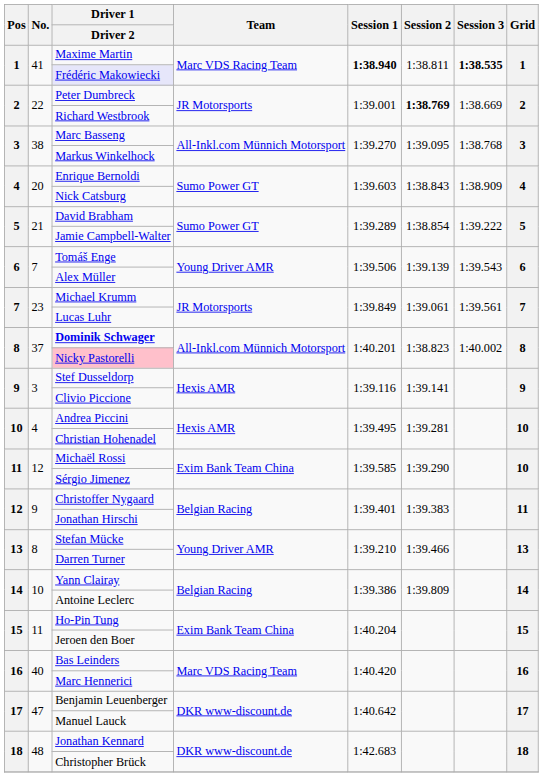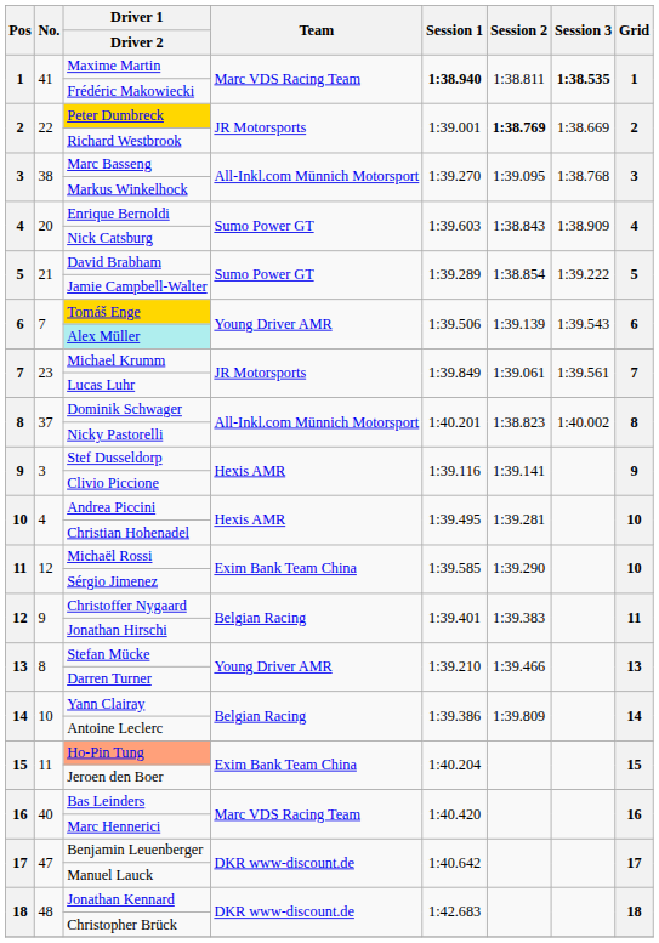 <table class="wikitable" style="font-size: 90%;">
 <tr>
 <th rowspan=2>Pos</th>
 <th rowspan=2>No.</th>
 <th>Driver 1</th>
 <th rowspan=2>Team</th>
 <th rowspan=2>Session 1</th>
 <th rowspan=2>Session 2</th>
 <th rowspan=2>Session 3</th>
 <th rowspan=2>Grid</th>
 </tr>
 <tr>
 <th>Driver 2</th>
 </tr>
 <tr>
 <th rowspan=2>1</th>
 <td rowspan=2>41</td>
 <td> <a href='#'>Maxime Martin</a></td>
 <td rowspan=2> <a href='#'>Marc VDS Racing Team</a></td>
 <td rowspan=2 align="center"><strong>1:38.940</strong></td>
 <td rowspan=2 align="center">1:38.811</td>
 <td rowspan=2 align="center"><strong>1:38.535</strong></td>
 <th rowspan=2>1</th>
 </tr>
 <tr>
-<td style="background: lavender;"> <a href='#'>Frédéric Makowiecki</a></td>
+<td> <a href='#'>Frédéric Makowiecki</a></td>
 </tr>
 <tr>
 <th rowspan=2>2</th>
 <td rowspan=2>22</td>
-<td> <a href='#'>Peter Dumbreck</a></td>
+<td style="background: gold;"> <a href='#'>Peter Dumbreck</a></td>
 <td rowspan=2> <a href='#'>JR Motorsports</a></td>
 <td rowspan=2 align="center">1:39.001</td>
 <td rowspan=2 align="center"><strong>1:38.769</strong></td>
 <td rowspan=2 align="center">1:38.669</td>
 <th rowspan=2>2</th>
 </tr>
 <tr>
 <td> <a href='#'>Richard Westbrook</a></td>
 </tr>
 <tr>
 <th rowspan=2>3</th>
 <td rowspan=2>38</td>
 <td> <a href='#'>Marc Basseng</a></td>
 <td rowspan=2> <a href='#'>All-Inkl.com Münnich Motorsport</a></td>
 <td rowspan=2 align="center">1:39.270</td>
 <td rowspan=2 align="center">1:39.095</td>
 <td rowspan=2 align="center">1:38.768</td>
 <th rowspan=2>3</th>
 </tr>
 <tr>
 <td> <a href='#'>Markus Winkelhock</a></td>
 </tr>
 <tr>
 <th rowspan=2>4</th>
 <td rowspan=2>20</td>
 <td> <a href='#'>Enrique Bernoldi</a></td>
 <td rowspan=2> <a href='#'>Sumo Power GT</a></td>
 <td rowspan=2 align="center">1:39.603</td>
 <td rowspan=2 align="center">1:38.843</td>
 <td rowspan=2 align="center">1:38.909</td>
 <th rowspan=2>4</th>
 </tr>
 <tr>
 <td> <a href='#'>Nick Catsburg</a></td>
 </tr>
 <tr>
 <th rowspan=2>5</th>
 <td rowspan=2>21</td>
 <td> <a href='#'>David Brabham</a></td>
 <td rowspan=2> <a href='#'>Sumo Power GT</a></td>
 <td rowspan=2 align="center">1:39.289</td>
 <td rowspan=2 align="center">1:38.854</td>
 <td rowspan=2 align="center">1:39.222</td>
 <th rowspan=2>5</th>
 </tr>
 <tr>
 <td> <a href='#'>Jamie Campbell-Walter</a></td>
 </tr>
 <tr>
 <th rowspan=2>6</th>
 <td rowspan=2>7</td>
-<td> <a href='#'>Tomáš Enge</a></td>
+<td style="background: gold;"> <a href='#'>Tomáš Enge</a></td>
 <td rowspan=2> <a href='#'>Young Driver AMR</a></td>
 <td rowspan=2 align="center">1:39.506</td>
 <td rowspan=2 align="center">1:39.139</td>
 <td rowspan=2 align="center">1:39.543</td>
 <th rowspan=2>6</th>
 </tr>
 <tr>
-<td> <a href='#'>Alex Müller</a></td>
+<td style="background: paleturquoise;"> <a href='#'>Alex Müller</a></td>
 </tr>
 <tr>
 <th rowspan=2>7</th>
 <td rowspan=2>23</td>
 <td> <a href='#'>Michael Krumm</a></td>
 <td rowspan=2> <a href='#'>JR Motorsports</a></td>
 <td rowspan=2 align="center">1:39.849</td>
 <td rowspan=2 align="center">1:39.061</td>
 <td rowspan=2 align="center">1:39.561</td>
 <th rowspan=2>7</th>
 </tr>
 <tr>
 <td> <a href='#'>Lucas Luhr</a></td>
 </tr>
 <tr>
 <th rowspan=2>8</th>
 <td rowspan=2>37</td>
-<td><strong> <a href='#'>Dominik Schwager</a></strong></td>
+<td> <a href='#'>Dominik Schwager</a></td>
 <td rowspan=2> <a href='#'>All-Inkl.com Münnich Motorsport</a></td>
 <td rowspan=2 align="center">1:40.201</td>
 <td rowspan=2 align="center">1:38.823</td>
 <td rowspan=2 align="center">1:40.002</td>
 <th rowspan=2>8</th>
 </tr>
 <tr>
-<td style="background: pink;"> <a href='#'>Nicky Pastorelli</a></td>
+<td> <a href='#'>Nicky Pastorelli</a></td>
 </tr>
 <tr>
 <th rowspan=2>9</th>
 <td rowspan=2>3</td>
 <td> <a href='#'>Stef Dusseldorp</a></td>
 <td rowspan=2> <a href='#'>Hexis AMR</a></td>
 <td rowspan=2 align="center">1:39.116</td>
 <td rowspan=2 align="center">1:39.141</td>
 <td rowspan=2 align="center"></td>
 <th rowspan=2>9</th>
 </tr>
 <tr>
 <td> <a href='#'>Clivio Piccione</a></td>
 </tr>
 <tr>
 <th rowspan=2>10</th>
 <td rowspan=2>4</td>
 <td> <a href='#'>Andrea Piccini</a></td>
 <td rowspan=2> <a href='#'>Hexis AMR</a></td>
 <td rowspan=2 align="center">1:39.495</td>
 <td rowspan=2 align="center">1:39.281</td>
 <td rowspan=2 align="center"></td>
 <th rowspan=2>10</th>
 </tr>
 <tr>
 <td> <a href='#'>Christian Hohenadel</a></td>
 </tr>
 <tr>
 <th rowspan=2>11</th>
 <td rowspan=2>12</td>
 <td> <a href='#'>Michaël Rossi</a></td>
 <td rowspan=2> <a href='#'>Exim Bank Team China</a></td>
 <td rowspan=2 align="center">1:39.585</td>
 <td rowspan=2 align="center">1:39.290</td>
 <td rowspan=2 align="center"></td>
 <th rowspan=2>10</th>
 </tr>
 <tr>
 <td> <a href='#'>Sérgio Jimenez</a></td>
 </tr>
 <tr>
 <th rowspan=2>12</th>
 <td rowspan=2>9</td>
 <td> <a href='#'>Christoffer Nygaard</a></td>
 <td rowspan=2> <a href='#'>Belgian Racing</a></td>
 <td rowspan=2 align="center">1:39.401</td>
 <td rowspan=2 align="center">1:39.383</td>
 <td rowspan=2 align="center"></td>
 <th rowspan=2>11</th>
 </tr>
 <tr>
 <td> <a href='#'>Jonathan Hirschi</a></td>
 </tr>
 <tr>
 <th rowspan=2>13</th>
 <td rowspan=2>8</td>
 <td> <a href='#'>Stefan Mücke</a></td>
 <td rowspan=2> <a href='#'>Young Driver AMR</a></td>
 <td rowspan=2 align="center">1:39.210</td>
 <td rowspan=2 align="center">1:39.466</td>
 <td rowspan=2 align="center"></td>
 <th rowspan=2>13</th>
 </tr>
 <tr>
 <td> <a href='#'>Darren Turner</a></td>
 </tr>
 <tr>
 <th rowspan=2>14</th>
 <td rowspan=2>10</td>
 <td> <a href='#'>Yann Clairay</a></td>
 <td rowspan=2> <a href='#'>Belgian Racing</a></td>
 <td rowspan=2 align="center">1:39.386</td>
 <td rowspan=2 align="center">1:39.809</td>
 <td rowspan=2 align="center"></td>
 <th rowspan=2>14</th>
 </tr>
 <tr>
 <td> Antoine Leclerc</td>
 </tr>
 <tr>
 <th rowspan=2>15</th>
 <td rowspan=2>11</td>
-<td> <a href='#'>Ho-Pin Tung</a></td>
+<td style="background: lightsalmon;"> <a href='#'>Ho-Pin Tung</a></td>
 <td rowspan=2> <a href='#'>Exim Bank Team China</a></td>
 <td rowspan=2 align="center">1:40.204</td>
 <td rowspan=2 align="center"></td>
 <td rowspan=2 align="center"></td>
 <th rowspan=2>15</th>
 </tr>
 <tr>
 <td> Jeroen den Boer</td>
 </tr>
 <tr>
 <th rowspan=2>16</th>
 <td rowspan=2>40</td>
 <td> <a href='#'>Bas Leinders</a></td>
 <td rowspan=2> <a href='#'>Marc VDS Racing Team</a></td>
 <td rowspan=2 align="center">1:40.420</td>
 <td rowspan=2 align="center"></td>
 <td rowspan=2 align="center"></td>
 <th rowspan=2>16</th>
 </tr>
 <tr>
 <td> <a href='#'>Marc Hennerici</a></td>
 </tr>
 <tr>
 <th rowspan=2>17</th>
 <td rowspan=2>47</td>
 <td> Benjamin Leuenberger</td>
 <td rowspan=2> <a href='#'>DKR www-discount.de</a></td>
 <td rowspan=2 align="center">1:40.642</td>
 <td rowspan=2 align="center"></td>
 <td rowspan=2 align="center"></td>
 <th rowspan=2>17</th>
 </tr>
 <tr>
 <td> Manuel Lauck</td>
 </tr>
 <tr>
 <th rowspan=2>18</th>
 <td rowspan=2>48</td>
 <td> <a href='#'>Jonathan Kennard</a></td>
 <td rowspan=2> <a href='#'>DKR www-discount.de</a></td>
 <td rowspan=2 align="center">1:42.683</td>
 <td rowspan=2 align="center"></td>
 <td rowspan=2 align="center"></td>
 <th rowspan=2>18</th>
 </tr>
 <tr>
 <td> Christopher Brück</td>
 </tr>
 <tr>
 </tr>
 </table>
